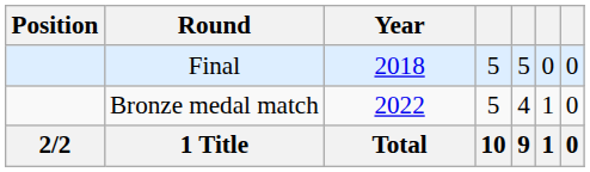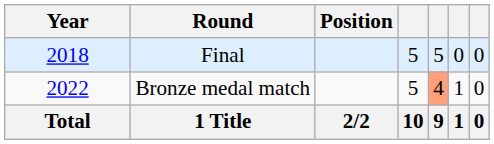 <table class="wikitable" style="text-align: center;">
 <tr>
+<th style="width:5.5em;">Year</th>
+<th>Round</th>
 <th>Position</th>
-<th>Round</th>
-<th style="width:5.5em;">Year</th>
 <th></th>
 <th></th>
 <th></th>
 <th></th>
 </tr>
 <tr bgcolor=#ddeeff>
+<td> <a href='#'>2018</a></td>
+<td>Final</td>
 <td></td>
-<td>Final</td>
-<td> <a href='#'>2018</a></td>
 <td>5</td>
 <td>5</td>
 <td>0</td>
 <td>0</td>
 </tr>
 <tr>
+<td> <a href='#'>2022</a></td>
+<td>Bronze medal match</td>
 <td></td>
-<td>Bronze medal match</td>
-<td> <a href='#'>2022</a></td>
 <td>5</td>
-<td>4</td>
+<td style="background: lightsalmon;">4</td>
 <td>1</td>
 <td>0</td>
 </tr>
 <tr>
+<th>Total</th>
+<th>1 Title</th>
 <th>2/2</th>
-<th>1 Title</th>
-<th>Total</th>
 <th>10</th>
 <th>9</th>
 <th>1</th>
 <th>0</th>
 </tr>
 </table>
